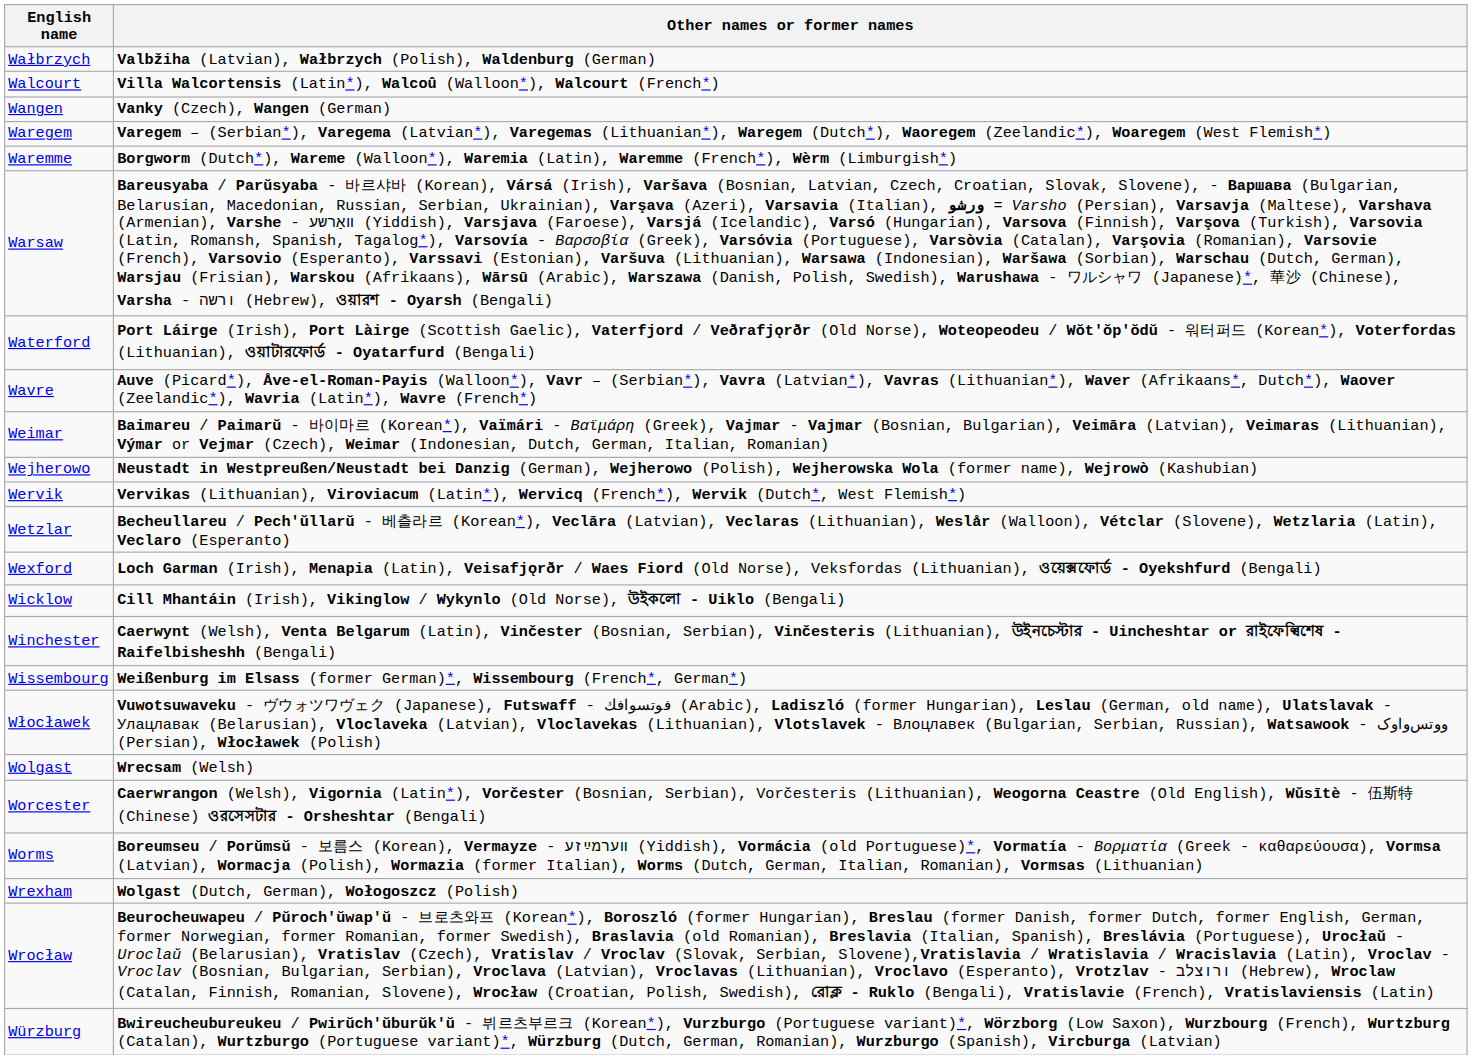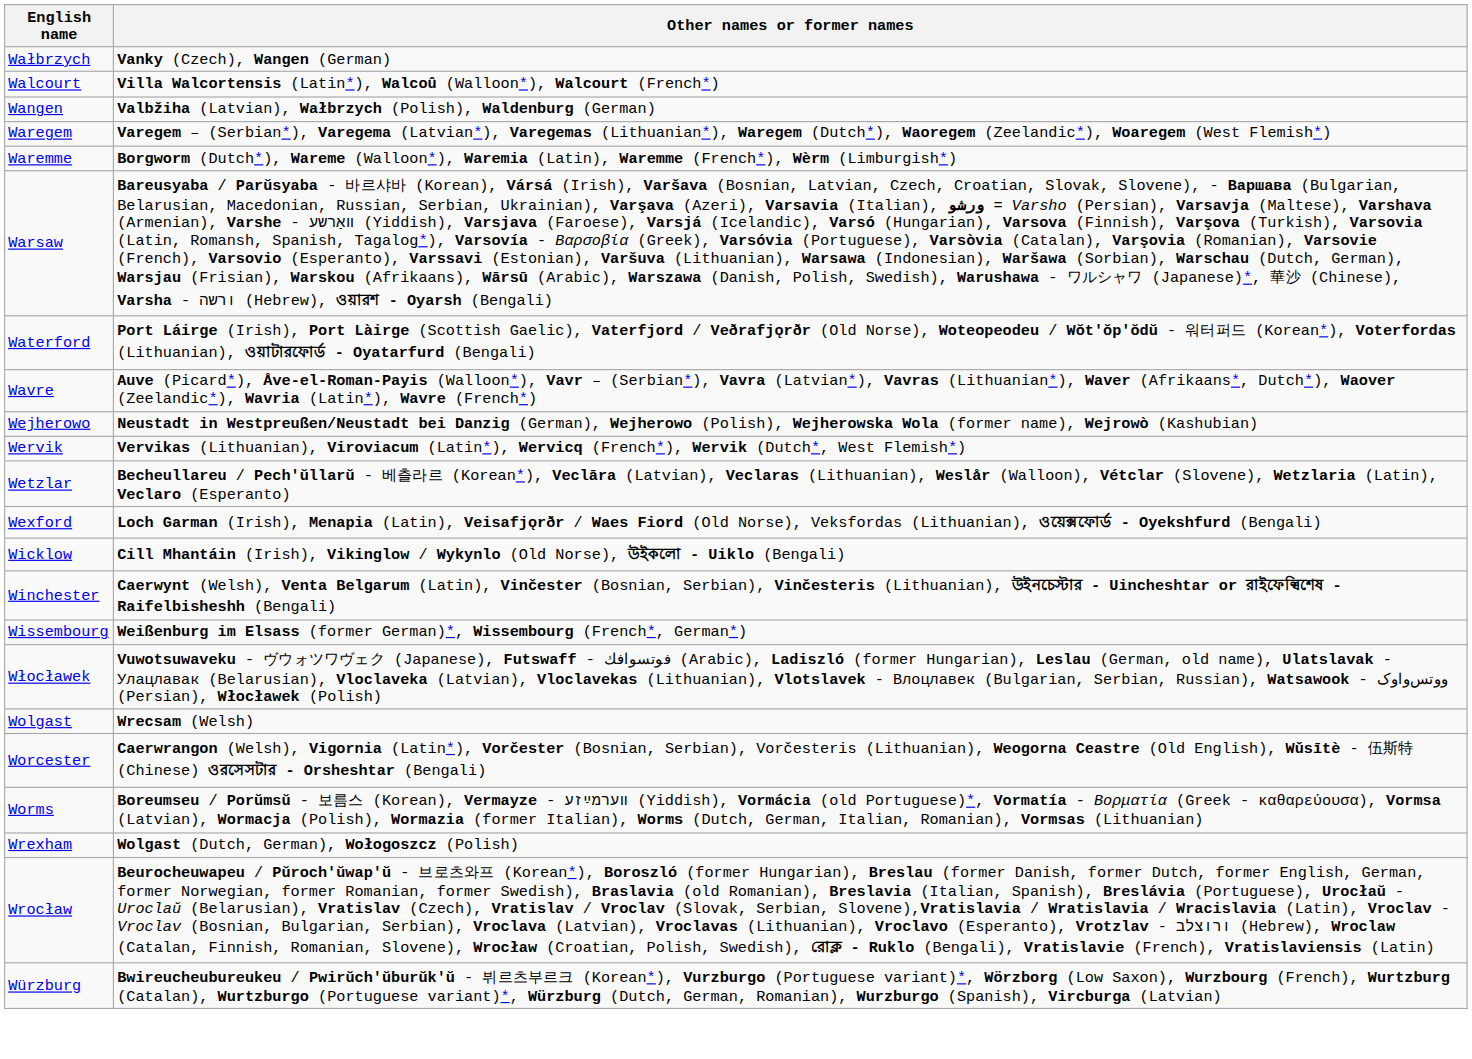 <table class="wikitable">
 <tr>
 <th>English name</th>
 <th>Other names or former names</th>
 </tr>
 <tr>
 <td> <a href='#'>Wałbrzych</a></td>
-<td><strong>Valbžiha</strong> (Latvian), <strong>Wałbrzych</strong> (Polish), <strong>Waldenburg</strong> (German)</td>
+<td><strong>Vanky</strong> (Czech), <strong>Wangen</strong> (German)</td>
 </tr>
 <tr>
 <td> <a href='#'>Walcourt</a></td>
 <td><strong>Villa Walcortensis</strong> (Latin<a href='#'>*</a>), <strong>Walcoû</strong> (Walloon<a href='#'>*</a>), <strong>Walcourt</strong> (French<a href='#'>*</a>)</td>
 </tr>
 <tr>
 <td> <a href='#'>Wangen</a></td>
-<td><strong>Vanky</strong> (Czech), <strong>Wangen</strong> (German)</td>
+<td><strong>Valbžiha</strong> (Latvian), <strong>Wałbrzych</strong> (Polish), <strong>Waldenburg</strong> (German)</td>
 </tr>
 <tr>
 <td> <a href='#'>Waregem</a></td>
 <td><strong>Varegem</strong> –  (Serbian<a href='#'>*</a>), <strong>Varegema</strong> (Latvian<a href='#'>*</a>), <strong>Varegemas</strong> (Lithuanian<a href='#'>*</a>), <strong>Waregem</strong> (Dutch<a href='#'>*</a>), <strong>Waoregem</strong> (Zeelandic<a href='#'>*</a>), <strong>Woaregem</strong> (West Flemish<a href='#'>*</a>)</td>
 </tr>
 <tr>
 <td> <a href='#'>Waremme</a></td>
 <td><strong>Borgworm</strong> (Dutch<a href='#'>*</a>), <strong>Wareme</strong> (Walloon<a href='#'>*</a>), <strong>Waremia</strong> (Latin), <strong>Waremme</strong> (French<a href='#'>*</a>), <strong>Wèrm</strong> (Limburgish<a href='#'>*</a>)</td>
 </tr>
 <tr>
 <td> <a href='#'>Warsaw</a></td>
 <td><strong>Bareusyaba</strong> / <strong>Parŭsyaba</strong> - 바르샤바 (Korean), <strong>Vársá</strong> (Irish), <strong>Varšava</strong> (Bosnian, Latvian, Czech, Croatian, Slovak, Slovene),  - <strong>Варшава</strong> (Bulgarian, Belarusian, Macedonian, Russian, Serbian, Ukrainian), <strong>Varşava</strong> (Azeri), <strong>Varsavia</strong> (Italian), <strong>ورشو</strong> = <em>Varsho</em>  (Persian), <strong>Varsavja</strong> (Maltese), <strong>Varshava</strong> (Armenian), <strong>Varshe</strong> - װאַרשע (Yiddish), <strong>Varsjava</strong> (Faroese), <strong>Varsjá</strong> (Icelandic), <strong>Varsó</strong> (Hungarian), <strong>Varsova</strong> (Finnish), <strong>Varşova</strong> (Turkish), <strong>Varsovia</strong> (Latin, Romansh, Spanish, Tagalog<a href='#'>*</a>), <strong>Varsovía</strong> - <em>Βαρσοβία</em> (Greek), <strong>Varsóvia</strong> (Portuguese), <strong>Varsòvia</strong> (Catalan), <strong>Varşovia</strong> (Romanian), <strong>Varsovie</strong> (French), <strong>Varsovio</strong> (Esperanto), <strong>Varssavi</strong> (Estonian), <strong>Varšuva</strong> (Lithuanian), <strong>Warsawa</strong> (Indonesian), <strong>Waršawa</strong> (Sorbian), <strong>Warschau</strong> (Dutch, German), <strong>Warsjau</strong> (Frisian), <strong>Warskou</strong> (Afrikaans), <strong>Wārsū</strong> (Arabic), <strong>Warszawa</strong> (Danish, Polish, Swedish), <strong>Warushawa</strong> - ワルシャワ (Japanese)<a href='#'>*</a>, 華沙 (Chinese), <strong>Varsha</strong> - ורשה (Hebrew), <strong>ওয়ারশ - Oyarsh</strong> (Bengali)</td>
 </tr>
 <tr>
 <td> <a href='#'>Waterford</a></td>
 <td><strong>Port Láirge</strong> (Irish), <strong>Port Làirge</strong> (Scottish Gaelic), <strong>Vaterfjord</strong> / <strong>Veðrafjǫrðr </strong> (Old Norse), <strong>Woteopeodeu</strong> / <strong>Wŏt'ŏp'ŏdŭ</strong> - 워터퍼드 (Korean<a href='#'>*</a>), <strong>Voterfordas</strong> (Lithuanian), <strong>ওয়াটারফোর্ড - Oyatarfurd</strong> (Bengali)</td>
 </tr>
 <tr>
 <td> <a href='#'>Wavre</a></td>
 <td><strong>Auve</strong> (Picard<a href='#'>*</a>), <strong>Åve-el-Roman-Payis</strong> (Walloon<a href='#'>*</a>), <strong>Vavr</strong> –  (Serbian<a href='#'>*</a>), <strong>Vavra</strong> (Latvian<a href='#'>*</a>), <strong>Vavras</strong> (Lithuanian<a href='#'>*</a>), <strong>Waver</strong> (Afrikaans<a href='#'>*</a>, Dutch<a href='#'>*</a>), <strong>Waover</strong> (Zeelandic<a href='#'>*</a>), <strong>Wavria</strong> (Latin<a href='#'>*</a>), <strong>Wavre</strong> (French<a href='#'>*</a>)</td>
-</tr>
-<tr>
-<td> <a href='#'>Weimar</a></td>
-<td><strong>Baimareu</strong> / <strong>Paimarŭ</strong> - 바이마르 (Korean<a href='#'>*</a>), <strong>Vaïmári</strong> - <em>Βαϊμάρη</em> (Greek), <strong>Vajmar</strong> - <strong>Vajmar</strong> (Bosnian, Bulgarian), <strong>Veimāra</strong> (Latvian), <strong>Veimaras</strong> (Lithuanian), <strong>Výmar</strong> or <strong>Vejmar</strong> (Czech), <strong>Weimar</strong> (Indonesian, Dutch, German, Italian, Romanian)</td>
 </tr>
 <tr>
 <td> <a href='#'>Wejherowo</a></td>
 <td><strong>Neustadt in Westpreußen/Neustadt bei Danzig</strong> (German), <strong>Wejherowo</strong> (Polish), <strong>Wejherowska Wola</strong> (former name), <strong>Wejrowò</strong> (Kashubian)</td>
 </tr>
 <tr>
 <td> <a href='#'>Wervik</a></td>
 <td><strong>Vervikas</strong> (Lithuanian), <strong>Viroviacum</strong> (Latin<a href='#'>*</a>), <strong>Wervicq</strong> (French<a href='#'>*</a>), <strong>Wervik</strong> (Dutch<a href='#'>*</a>, West Flemish<a href='#'>*</a>)</td>
 </tr>
 <tr>
 <td> <a href='#'>Wetzlar</a></td>
 <td><strong>Becheullareu</strong> / <strong>Pech'ŭllarŭ</strong> - 베츨라르 (Korean<a href='#'>*</a>), <strong>Veclāra</strong> (Latvian), <strong>Veclaras</strong> (Lithuanian), <strong>Weslår</strong> (Walloon), <strong>Vétclar</strong> (Slovene), <strong>Wetzlaria</strong> (Latin), <strong>Veclaro</strong> (Esperanto)</td>
 </tr>
 <tr>
 <td> <a href='#'>Wexford</a></td>
 <td><strong>Loch Garman</strong> (Irish), <strong>Menapia</strong> (Latin), <strong>Veisafjǫrðr</strong> / <strong>Waes Fiord</strong> (Old Norse), Veksfordas (Lithuanian), <strong>ওয়েক্সফোর্ড - Oyekshfurd</strong> (Bengali)</td>
 </tr>
 <tr>
 <td> <a href='#'>Wicklow</a></td>
 <td><strong>Cill Mhantáin</strong> (Irish), <strong>Vikinglow</strong> / <strong>Wykynlo</strong> (Old Norse), <strong>উইকলো - Uiklo</strong> (Bengali)</td>
 </tr>
 <tr>
 <td> <a href='#'>Winchester</a></td>
 <td><strong>Caerwynt</strong> (Welsh), <strong>Venta Belgarum</strong> (Latin), <strong>Vinčester</strong> (Bosnian, Serbian), <strong>Vinčesteris</strong> (Lithuanian), <strong>উইনচেস্টার - Uincheshtar or রাইফেল্বিশেষ - Raifelbisheshh</strong> (Bengali)</td>
 </tr>
 <tr>
 <td><a href='#'>Wissembourg</a></td>
 <td><strong>Weißenburg im Elsass</strong> (former German)<a href='#'>*</a>, <strong>Wissembourg</strong> (French<a href='#'>*</a>, German<a href='#'>*</a>)</td>
 </tr>
 <tr>
 <td> <a href='#'>Włocławek</a></td>
 <td><strong>Vuwotsuwaveku</strong> - ヴウォツワヴェク (Japanese), <strong>Futswaff</strong> - فوتسوافك (Arabic), <strong>Ladiszló</strong> (former Hungarian), <strong>Leslau</strong> (German, old name), <strong>Ulatslavak</strong> - Улацлавак (Belarusian), <strong>Vloclaveka</strong> (Latvian), <strong>Vloclavekas</strong> (Lithuanian), <strong>Vlotslavek</strong> - Влоцлавек (Bulgarian, Serbian, Russian), <strong>Watsawook</strong> - ووتس‌واوک (Persian), <strong>Włocławek</strong> (Polish)</td>
 </tr>
 <tr>
 <td> <a href='#'>Wolgast</a></td>
 <td><strong>Wrecsam</strong> (Welsh)</td>
 </tr>
 <tr>
 <td> <a href='#'>Worcester</a></td>
 <td><strong>Caerwrangon</strong> (Welsh),  <strong>Vigornia</strong> (Latin<a href='#'>*</a>), <strong>Vorčester</strong> (Bosnian, Serbian), Vorčesteris (Lithuanian), <strong>Weogorna Ceastre</strong> (Old English), <strong>Wǔsītè</strong> - 伍斯特 (Chinese) <strong>ওরসেসটার - Orsheshtar</strong> (Bengali)</td>
 </tr>
 <tr>
 <td> <a href='#'>Worms</a></td>
 <td><strong>Boreumseu</strong> / <strong>Porŭmsŭ</strong> - 보름스 (Korean), <strong>Vermayze</strong> - װערמײַזע (Yiddish), <strong>Vormácia</strong> (old Portuguese)<a href='#'>*</a>, <strong>Vormatía</strong> - <em>Βορματία</em> (Greek - καθαρεύουσα), <strong>Vormsa</strong> (Latvian), <strong>Wormacja</strong> (Polish), <strong>Wormazia</strong> (former Italian), <strong>Worms</strong> (Dutch, German, Italian, Romanian), <strong>Vormsas</strong> (Lithuanian)</td>
 </tr>
 <tr>
 <td>  <a href='#'>Wrexham</a></td>
 <td><strong>Wolgast</strong> (Dutch, German), <strong>Wołogoszcz</strong> (Polish)</td>
 </tr>
 <tr>
 <td> <a href='#'>Wrocław</a></td>
 <td><strong>Beurocheuwapeu</strong> / <strong>Pŭroch'ŭwap'ŭ</strong> - 브로츠와프 (Korean<a href='#'>*</a>), <strong>Boroszló</strong> (former Hungarian), <strong>Breslau</strong> (former Danish, former Dutch, former English, German, former Norwegian, former Romanian, former Swedish), <strong>Braslavia</strong> (old Romanian), <strong>Breslavia</strong> (Italian, Spanish), <strong>Breslávia</strong> (Portuguese), <strong>Urocłaŭ</strong> - <em>Uroclaŭ</em> (Belarusian), <strong>Vratislav</strong> (Czech), <strong>Vratislav</strong> / <strong>Vroclav</strong> (Slovak, Serbian, Slovene),<strong>Vratislavia</strong> / <strong>Wratislavia</strong> / <strong>Wracislavia</strong> (Latin), <strong>Vroclav</strong> - <em>Vroclav</em> (Bosnian, Bulgarian, Serbian), <strong>Vroclava</strong> (Latvian), <strong>Vroclavas</strong> (Lithuanian), <strong>Vroclavo</strong> (Esperanto), <strong>Vrotzlav</strong> - ורוצלב (Hebrew), <strong>Wroclaw</strong> (Catalan, Finnish, Romanian, Slovene), <strong>Wrocław</strong> (Croatian, Polish, Swedish), <strong>রোক্ল - Ruklo</strong> (Bengali), <strong>Vratislavie</strong> (French), <strong>Vratislaviensis</strong> (Latin)</td>
 </tr>
 <tr>
 <td> <a href='#'>Würzburg</a></td>
 <td><strong>Bwireucheubureukeu</strong> / <strong>Pwirŭch'ŭburŭk'ŭ</strong> - 뷔르츠부르크 (Korean<a href='#'>*</a>), <strong>Vurzburgo</strong> (Portuguese variant)<a href='#'>*</a>, <strong>Wörzborg</strong> (Low Saxon), <strong>Wurzbourg</strong> (French), <strong>Wurtzburg</strong> (Catalan), <strong>Wurtzburgo</strong> (Portuguese variant)<a href='#'>*</a>, <strong>Würzburg</strong> (Dutch, German, Romanian), <strong>Wurzburgo</strong> (Spanish), <strong>Vircburga</strong> (Latvian)</td>
 </tr>
 </table>
